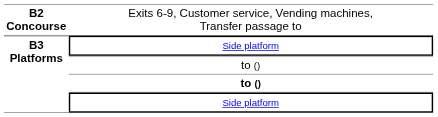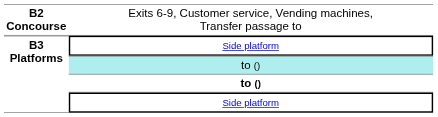 <table table border=0 cellspacing=0 cellpadding=3>
 <tr>
 <td style="border-bottom:solid 1px gray; border-top:solid 1px gray;text-align:center" valign=top><strong>B2<br>Concourse</strong></td>
 <td style="border-bottom:solid 1px gray; border-top:solid 1px gray;text-align:center;" valign=top width=500>Exits 6-9, Customer service, Vending machines,<br>Transfer passage to </td>
 </tr>
 <tr>
 <td style="border-bottom:solid 1px gray; border-top:solid 1px gray;text-align:center" rowspan="4" valign=top><strong>B3<br>Platforms</strong></td>
 <td style="border-right:solid 2px black;border-left:solid 2px black;border-top:solid 2px black;border-bottom:solid 2px black;text-align:center;" colspan=2><small><a href='#'>Side platform</a></small></td>
 </tr>
 <tr>
-<td style="border-bottom:solid 1px gray; border-top:solid 1px gray;text-align:center;">  to  <small>()</small></td>
+<td style="background: paleturquoise; border-bottom:solid 1px gray; border-top:solid 1px gray;text-align:center;">  to  <small>()</small></td>
 </tr>
 <tr>
 <td style="border-bottom:solid 1px gray;text-align:center;"><strong> to  <small>()</small> </strong></td>
 </tr>
 <tr>
 <td style="border-right:solid 2px black;border-left:solid 2px black;border-top:solid 2px black;border-bottom:solid 2px black;text-align:center;" colspan=2><small><a href='#'>Side platform</a></small></td>
 </tr>
 </table>
